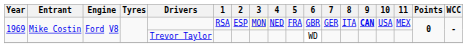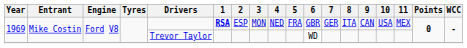 <table class="wikitable" style="text-align:center; font-size:95%">
 <tr>
 <th>Year</th>
 <th>Entrant</th>
 <th>Engine</th>
 <th>Tyres</th>
 <th>Drivers</th>
 <th>1</th>
 <th>2</th>
 <th>3</th>
 <th>4</th>
 <th>5</th>
 <th>6</th>
 <th>7</th>
 <th>8</th>
 <th>9</th>
 <th>10</th>
 <th>11</th>
 <th>Points</th>
 <th>WCC</th>
 </tr>
 <tr>
 <td rowspan="2"><a href='#'>1969</a></td>
 <td rowspan="2"><a href='#'>Mike Costin</a></td>
 <td rowspan="2"><a href='#'>Ford</a> <a href='#'>V8</a></td>
 <td rowspan="2"></td>
 <td></td>
-<td><a href='#'>RSA</a></td>
+<td><strong><a href='#'>RSA</a></strong></td>
 <td><a href='#'>ESP</a></td>
 <td style="background: lightyellow;"><a href='#'>MON</a></td>
 <td><a href='#'>NED</a></td>
 <td><a href='#'>FRA</a></td>
 <td><a href='#'>GBR</a></td>
 <td><a href='#'>GER</a></td>
 <td><a href='#'>ITA</a></td>
-<td><strong><a href='#'>CAN</a></strong></td>
+<td><a href='#'>CAN</a></td>
 <td><a href='#'>USA</a></td>
 <td><a href='#'>MEX</a></td>
 <td rowspan="2"><strong>0</strong></td>
 <td rowspan="2"><strong>-</strong></td>
 </tr>
 <tr>
 <td align="left"> <a href='#'>Trevor Taylor</a></td>
 <td></td>
 <td></td>
 <td></td>
 <td></td>
 <td></td>
 <td bgcolor="#FFFFFF">WD</td>
 <td></td>
 <td></td>
 <td></td>
 <td></td>
 <td></td>
 </tr>
 <tr>
 </tr>
 </table>
